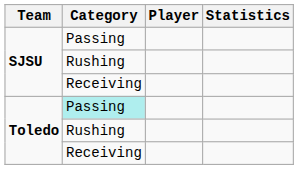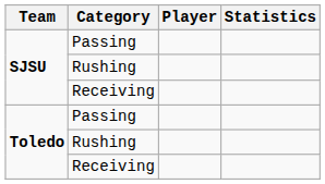 <table class="wikitable" style="float: right;">
 <tr>
 <th>Team</th>
 <th>Category</th>
 <th>Player</th>
 <th>Statistics</th>
 </tr>
 <tr>
 <td rowspan=3><strong>SJSU</strong></td>
 <td>Passing</td>
 <td></td>
 <td></td>
 </tr>
 <tr>
 <td>Rushing</td>
 <td></td>
 <td></td>
 </tr>
 <tr>
 <td>Receiving</td>
 <td></td>
 <td></td>
 </tr>
 <tr>
 <td rowspan=3><strong>Toledo</strong></td>
-<td style="background: paleturquoise;">Passing</td>
+<td>Passing</td>
 <td></td>
 <td></td>
 </tr>
 <tr>
 <td>Rushing</td>
 <td></td>
 <td></td>
 </tr>
 <tr>
 <td>Receiving</td>
 <td></td>
 <td></td>
 </tr>
 </table>
